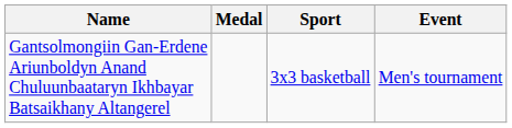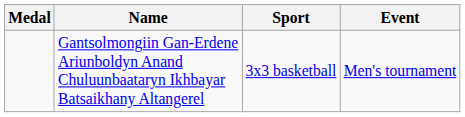 <table class="wikitable sortable" style="font-size: 95%;">
 <tr>
+<th>Medal</th>
 <th>Name</th>
-<th>Medal</th>
 <th>Sport</th>
 <th>Event</th>
 </tr>
 <tr>
+<td></td>
 <td><a href='#'>Gantsolmongiin Gan-Erdene</a><br><a href='#'>Ariunboldyn Anand</a><br><a href='#'>Chuluunbaataryn Ikhbayar</a><br><a href='#'>Batsaikhany Altangerel</a></td>
-<td></td>
 <td><a href='#'>3x3 basketball</a></td>
 <td><a href='#'>Men's tournament</a></td>
 </tr>
 </table>
